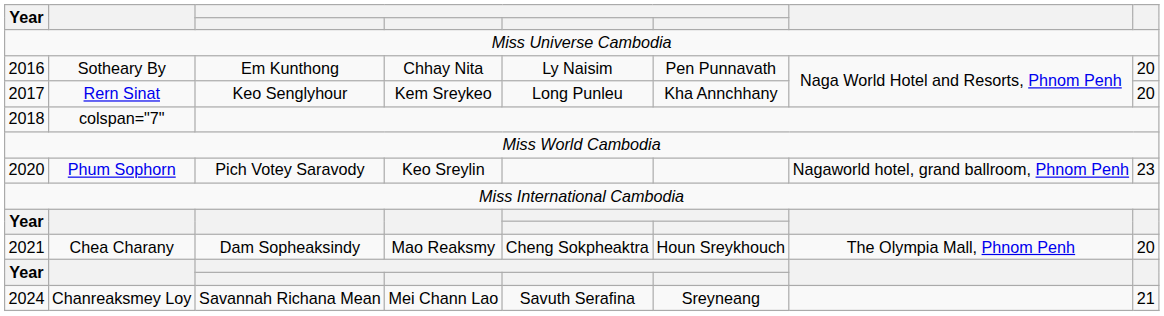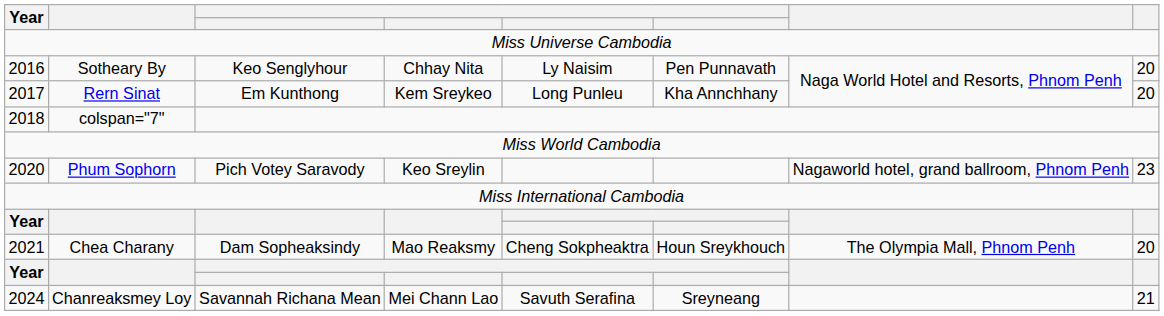 <table class="wikitable sortable" style="font-size: 85%; text-align:center">
 <tr>
 <th rowspan="2">Year</th>
 <th rowspan="2"><strong></strong></th>
 <th colspan="4"></th>
 <th rowspan="2"><strong></strong></th>
 <th rowspan="2"><strong></strong></th>
 </tr>
 <tr>
 <th></th>
 <th></th>
 <th></th>
 <th></th>
 </tr>
 <tr>
 <td colspan="8"><em>Miss Universe Cambodia</em></td>
 </tr>
 <tr>
 <td>2016</td>
 <td>Sotheary By</td>
-<td>Em Kunthong</td>
+<td>Keo Senglyhour</td>
 <td>Chhay Nita</td>
 <td>Ly Naisim</td>
 <td>Pen Punnavath</td>
 <td rowspan="2">Naga World Hotel and Resorts, <a href='#'>Phnom Penh</a></td>
 <td>20</td>
 </tr>
 <tr>
 <td>2017</td>
 <td><a href='#'>Rern Sinat</a></td>
-<td>Keo Senglyhour</td>
+<td>Em Kunthong</td>
 <td>Kem Sreykeo</td>
 <td>Long Punleu</td>
 <td>Kha Annchhany</td>
 <td>20</td>
 </tr>
 <tr>
 <td>2018</td>
 <td>colspan="7" </td>
 </tr>
 <tr>
 <td colspan="8"><em>Miss World Cambodia</em></td>
 </tr>
 <tr>
 <td>2020</td>
 <td><a href='#'>Phum Sophorn</a></td>
 <td>Pich Votey Saravody</td>
 <td>Keo Sreylin</td>
 <td></td>
 <td></td>
 <td>Nagaworld hotel, grand ballroom, <a href='#'>Phnom Penh</a></td>
 <td>23</td>
 </tr>
 <tr>
 <td colspan="8"><em>Miss International Cambodia</em></td>
 </tr>
 <tr>
 <th rowspan="2">Year</th>
 <th rowspan="2"><strong></strong></th>
 <th rowspan="2"><strong></strong></th>
 <th rowspan="2"><strong></strong></th>
 <th colspan="2"></th>
 <th rowspan="2"><strong></strong></th>
 <th rowspan="2"><strong></strong></th>
 </tr>
 <tr>
 <th></th>
 <th></th>
 </tr>
 <tr>
 <td>2021</td>
 <td>Chea Charany</td>
 <td>Dam Sopheaksindy</td>
 <td>Mao Reaksmy</td>
 <td>Cheng Sokpheaktra</td>
 <td>Houn Sreykhouch</td>
 <td>The Olympia Mall, <a href='#'>Phnom Penh</a></td>
 <td>20</td>
 </tr>
 <tr>
 <th rowspan="2">Year</th>
 <th rowspan="2"><strong></strong></th>
 <th colspan="4"></th>
 <th rowspan="2"><strong></strong></th>
 <th rowspan="2"><strong></strong></th>
 </tr>
 <tr>
 <th></th>
 <th></th>
 <th></th>
 <th></th>
 </tr>
 <tr>
 <td>2024</td>
 <td>Chanreaksmey Loy</td>
 <td>Savannah Richana Mean</td>
 <td>Mei Chann Lao</td>
 <td>Savuth Serafina</td>
 <td>Sreyneang</td>
 <td></td>
 <td>21</td>
 </tr>
 </table>
